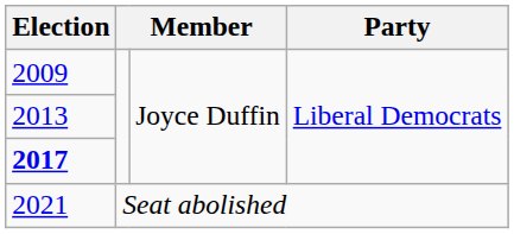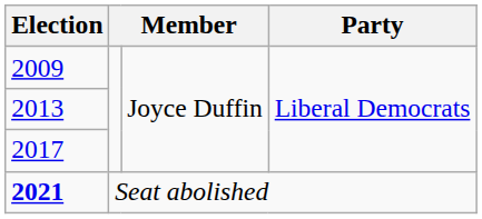 <table class="wikitable">
 <tr>
 <th>Election</th>
 <th colspan="2">Member</th>
 <th>Party</th>
 </tr>
 <tr>
 <td><a href='#'>2009</a></td>
 <td rowspan="3" style="background-color: "></td>
 <td rowspan="3">Joyce Duffin</td>
 <td rowspan="3"><a href='#'>Liberal Democrats</a></td>
 </tr>
 <tr>
 <td><a href='#'>2013</a></td>
 </tr>
 <tr>
-<td><strong><a href='#'>2017</a></strong></td>
+<td><a href='#'>2017</a></td>
 </tr>
 <tr>
-<td><a href='#'>2021</a></td>
+<td><strong><a href='#'>2021</a></strong></td>
 <td colspan="3"><em>Seat abolished</em></td>
 </tr>
 </table>
